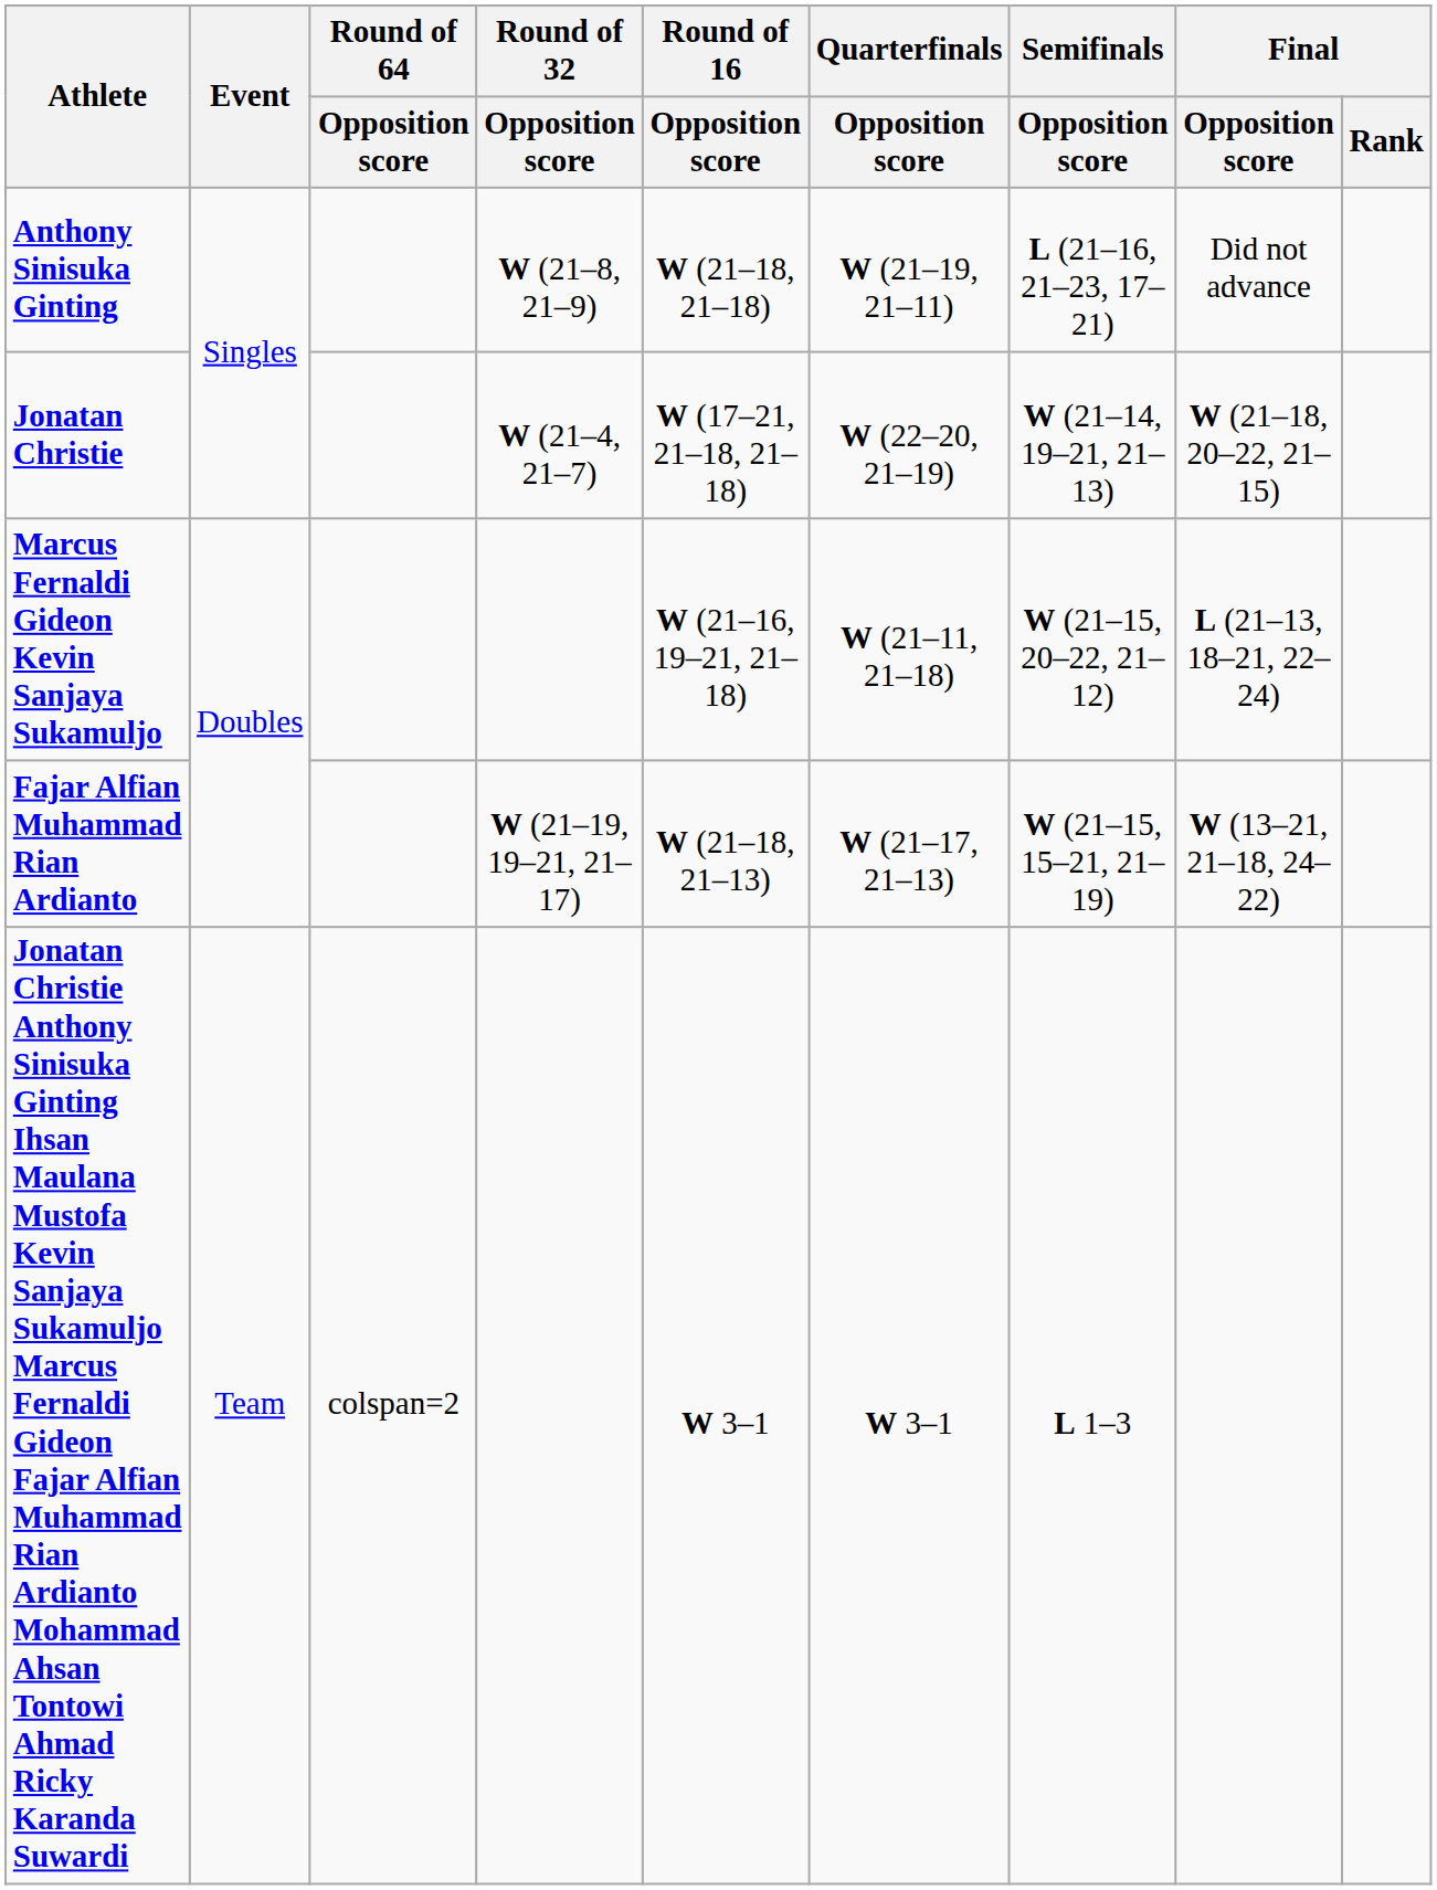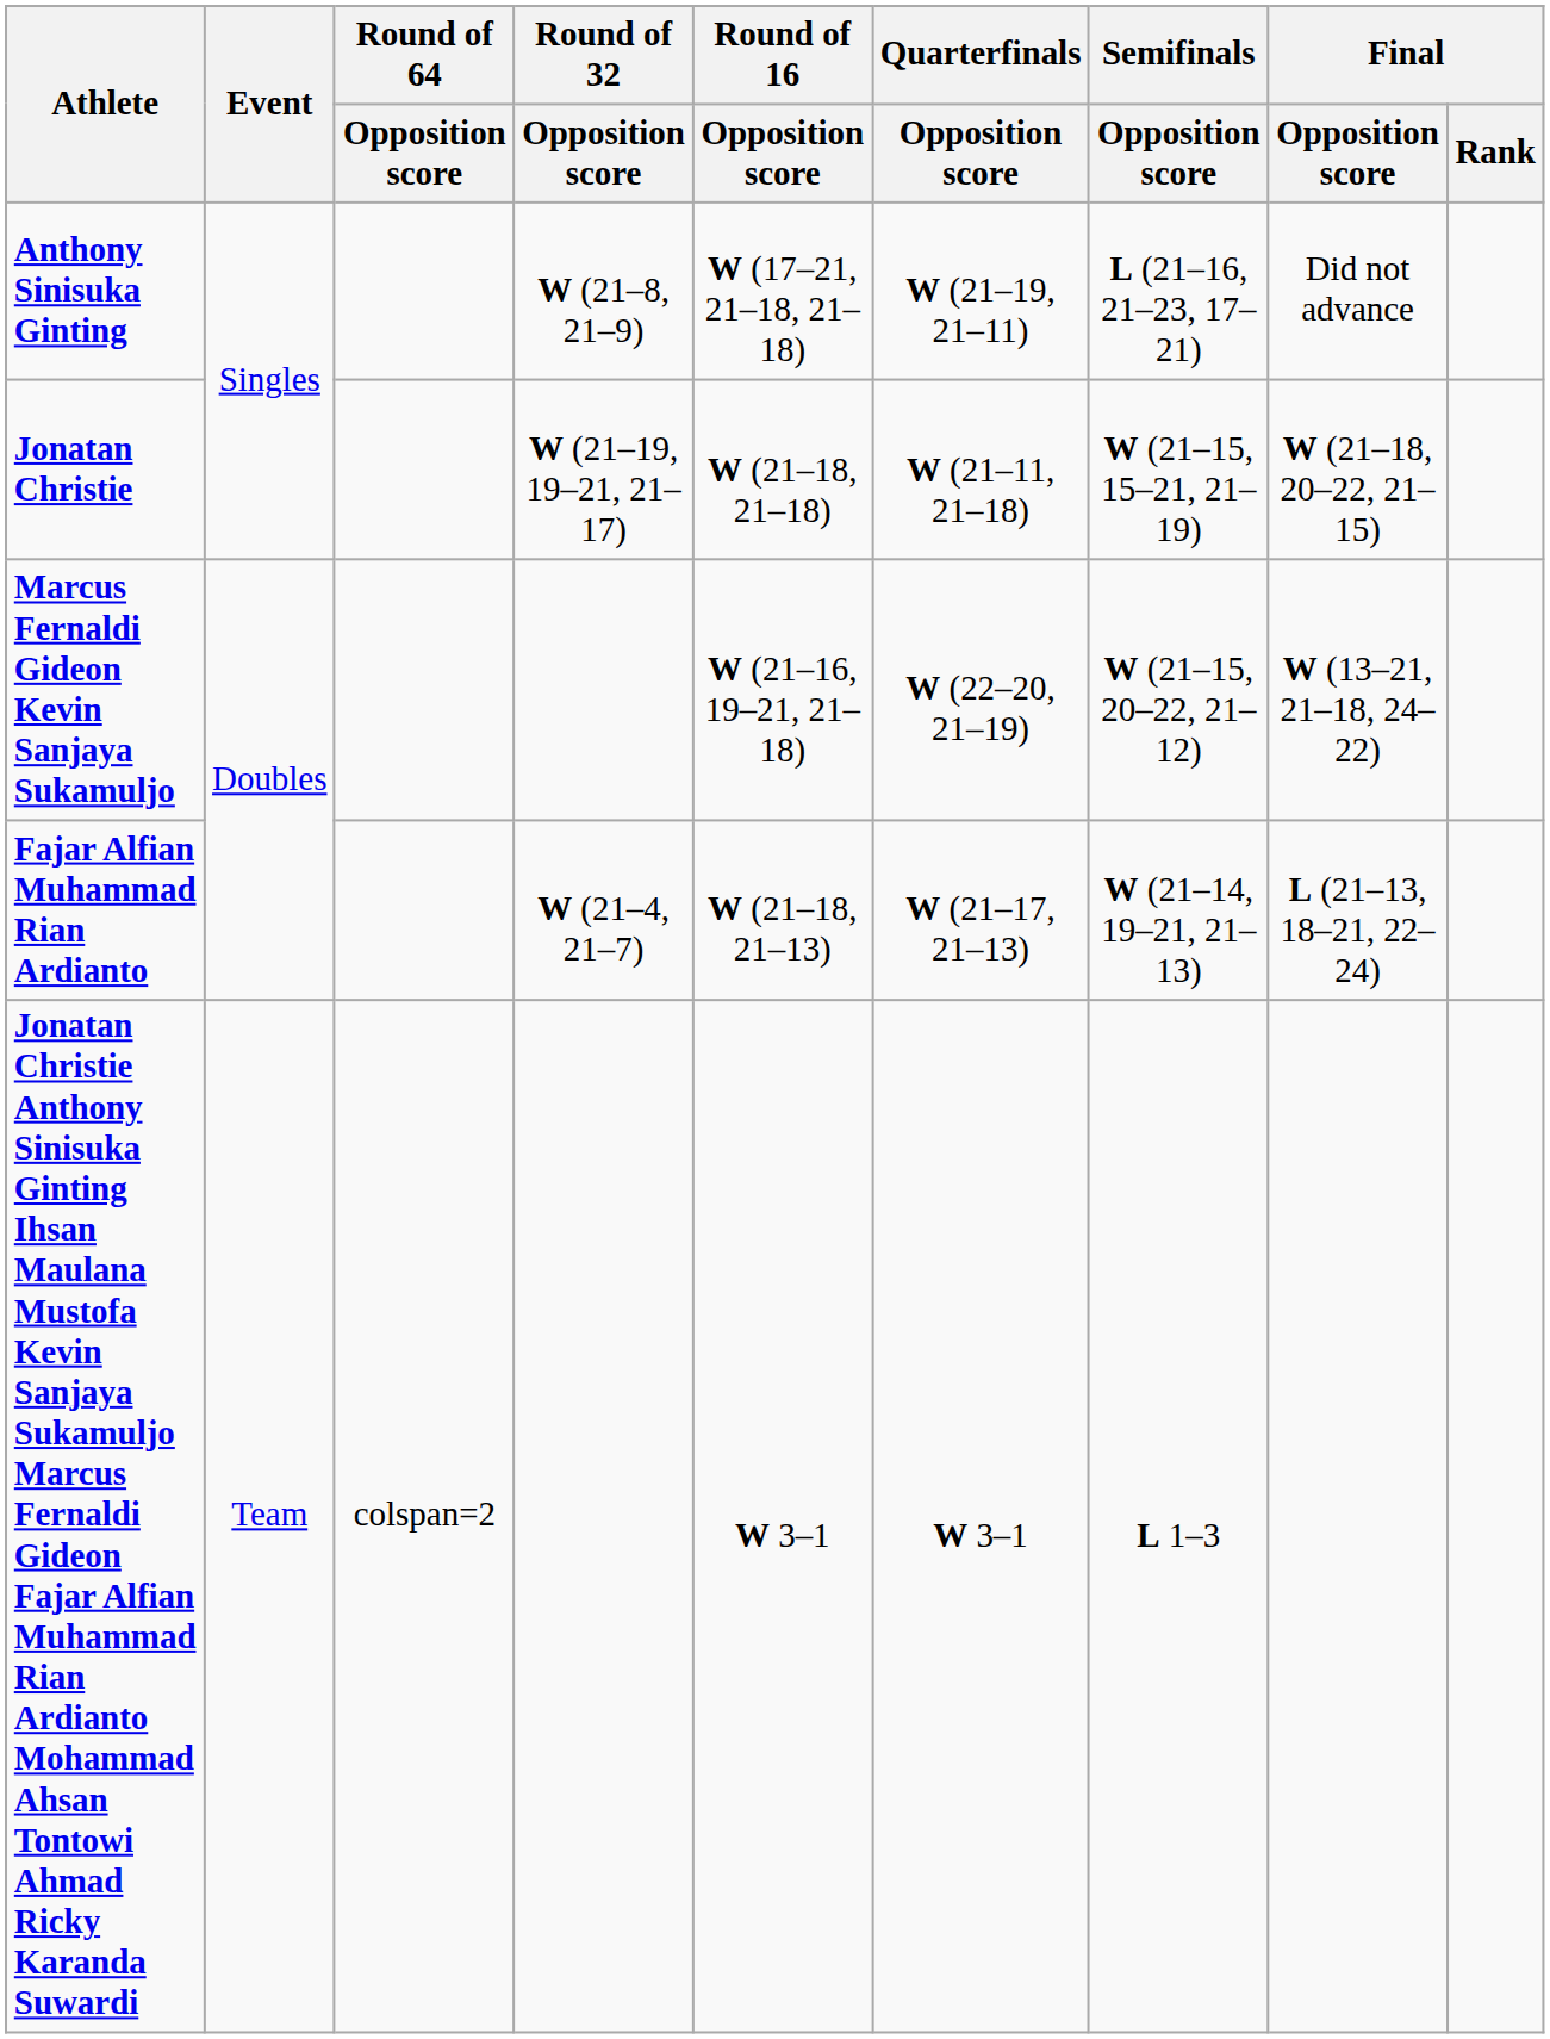 <table class=wikitable style=font-size:90%;text-align:center>
 <tr>
 <th rowspan="2">Athlete</th>
 <th rowspan="2">Event</th>
 <th>Round of 64</th>
 <th>Round of 32</th>
 <th>Round of 16</th>
 <th>Quarterfinals</th>
 <th>Semifinals</th>
 <th colspan="2">Final</th>
 </tr>
 <tr>
 <th>Opposition<br> score</th>
 <th>Opposition<br> score</th>
 <th>Opposition<br> score</th>
 <th>Opposition<br> score</th>
 <th>Opposition<br> score</th>
 <th>Opposition<br> score</th>
 <th>Rank</th>
 </tr>
 <tr>
 <td align=left><strong><a href='#'>Anthony Sinisuka Ginting</a></strong></td>
 <td align=center rowspan=2><a href='#'>Singles</a></td>
 <td></td>
 <td><br><strong>W</strong> (21–8, 21–9)</td>
-<td><br><strong>W</strong> (21–18, 21–18)</td>
+<td><br><strong>W</strong> (17–21, 21–18, 21–18)</td>
 <td><br><strong>W</strong> (21–19, 21–11)</td>
 <td><br><strong>L</strong> (21–16, 21–23, 17–21)</td>
 <td>Did not advance</td>
 <td></td>
 </tr>
 <tr>
 <td align=left><strong><a href='#'>Jonatan Christie</a></strong></td>
 <td></td>
-<td><br><strong>W</strong> (21–4, 21–7)</td>
-<td><br><strong>W</strong> (17–21, 21–18, 21–18)</td>
-<td><br><strong>W</strong> (22–20, 21–19)</td>
-<td><br><strong>W</strong> (21–14, 19–21, 21–13)</td>
+<td><br><strong>W</strong> (21–19, 19–21, 21–17)</td>
+<td><br><strong>W</strong> (21–18, 21–18)</td>
+<td><br><strong>W</strong> (21–11, 21–18)</td>
+<td><br><strong>W</strong> (21–15, 15–21, 21–19)</td>
 <td><br><strong>W</strong> (21–18, 20–22, 21–15)</td>
 <td></td>
 </tr>
 <tr>
 <td align=left><strong><a href='#'>Marcus Fernaldi Gideon</a> <br> <a href='#'>Kevin Sanjaya Sukamuljo</a></strong></td>
 <td align=center rowspan=2><a href='#'>Doubles</a></td>
 <td></td>
 <td></td>
 <td><br><strong>W</strong> (21–16, 19–21, 21–18)</td>
-<td><br><strong>W</strong> (21–11, 21–18)</td>
+<td><br><strong>W</strong> (22–20, 21–19)</td>
 <td><br><strong>W</strong> (21–15, 20–22, 21–12)</td>
-<td><br><strong>L</strong> (21–13, 18–21, 22–24)</td>
+<td><br><strong>W</strong> (13–21, 21–18, 24–22)</td>
 <td></td>
 </tr>
 <tr>
 <td align=left><strong><a href='#'>Fajar Alfian</a> <br> <a href='#'>Muhammad Rian Ardianto</a></strong></td>
 <td></td>
-<td><br><strong>W</strong> (21–19, 19–21, 21–17)</td>
+<td><br><strong>W</strong> (21–4, 21–7)</td>
 <td><br><strong>W</strong> (21–18, 21–13)</td>
 <td><br><strong>W</strong> (21–17, 21–13)</td>
-<td><br><strong>W</strong> (21–15, 15–21, 21–19)</td>
-<td><br><strong>W</strong> (13–21, 21–18, 24–22)</td>
+<td><br><strong>W</strong> (21–14, 19–21, 21–13)</td>
+<td><br><strong>L</strong> (21–13, 18–21, 22–24)</td>
 <td></td>
 </tr>
 <tr>
 <td align=left><strong><a href='#'>Jonatan Christie</a> <br> <a href='#'>Anthony Sinisuka Ginting</a> <br> <a href='#'>Ihsan Maulana Mustofa</a> <br> <a href='#'>Kevin Sanjaya Sukamuljo</a> <br> <a href='#'>Marcus Fernaldi Gideon</a> <br> <a href='#'>Fajar Alfian</a> <br> <a href='#'>Muhammad Rian Ardianto</a> <br> <a href='#'>Mohammad Ahsan</a> <br> <a href='#'>Tontowi Ahmad</a> <br> <a href='#'>Ricky Karanda Suwardi</a></strong></td>
 <td align=center><a href='#'>Team</a></td>
 <td>colspan=2 </td>
 <td></td>
 <td><br><strong>W</strong> 3–1</td>
 <td><br><strong>W</strong> 3–1</td>
 <td><br><strong>L</strong> 1–3</td>
 <td></td>
 </tr>
 </table>
